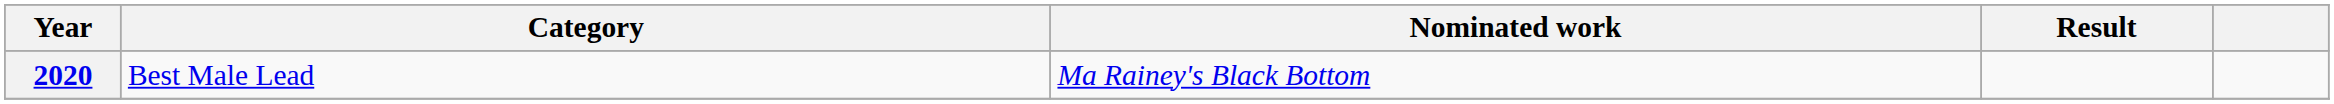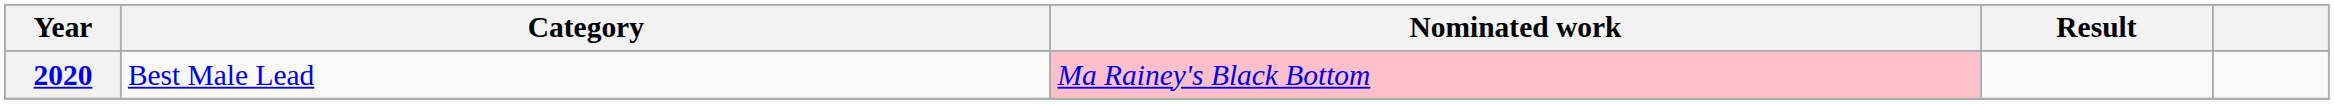 <table class="wikitable plainrowheaders" style="width:100%;">
 <tr>
 <th scope="col" style="width:5%;">Year</th>
 <th scope="col" style="width:40%;">Category</th>
 <th scope="col" style="width:40%;">Nominated work</th>
 <th scope="col" style="width:10%;">Result</th>
 <th scope="col" style="width:5%;"></th>
 </tr>
 <tr>
 <th scope="row" style="text-align:center;"><a href='#'>2020</a></th>
 <td><a href='#'>Best Male Lead</a></td>
-<td><em><a href='#'>Ma Rainey's Black Bottom</a></em></td>
+<td style="background: pink;"><em><a href='#'>Ma Rainey's Black Bottom</a></em></td>
 <td></td>
 <td style="text-align:center;"></td>
 </tr>
 <tr>
 </tr>
 </table>
